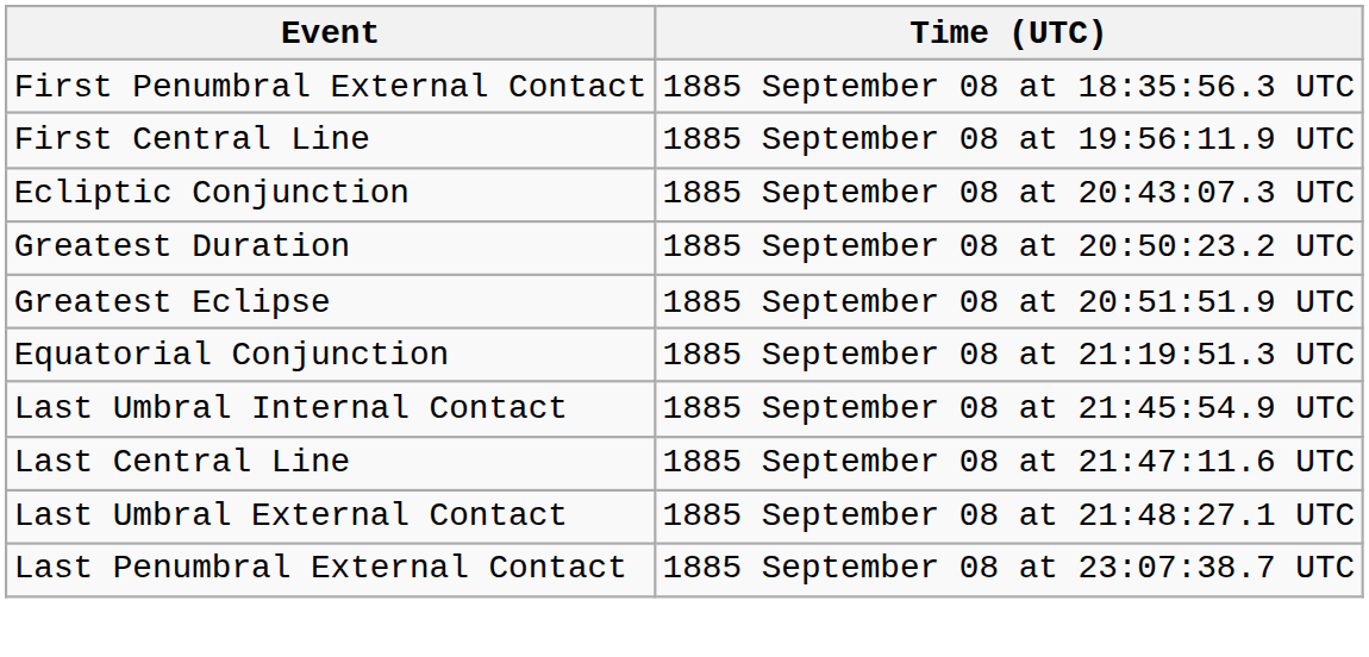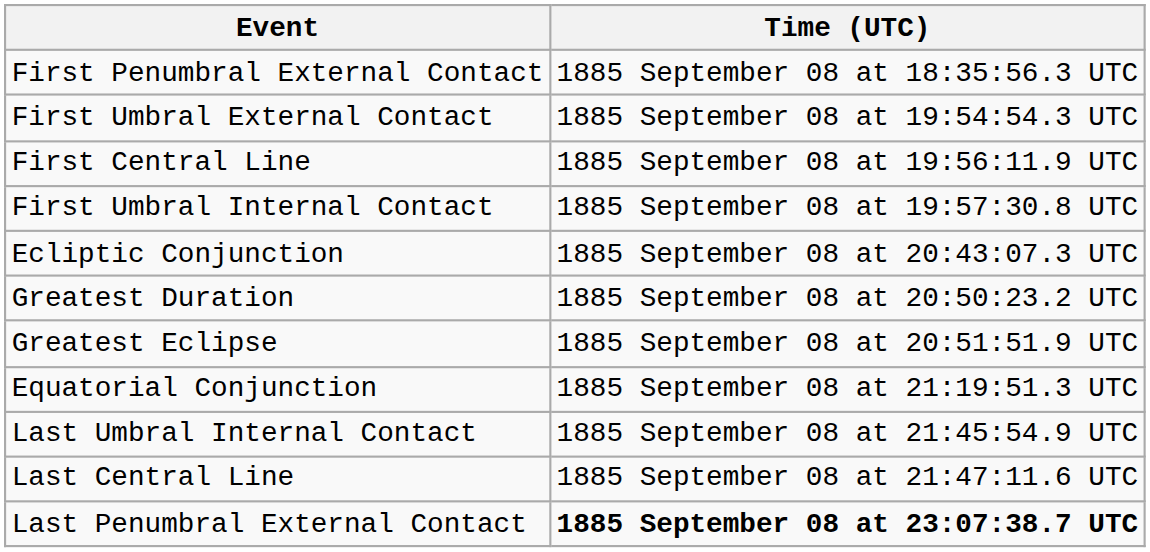 <table class="wikitable">
 <tr>
 <th>Event</th>
 <th>Time (UTC)</th>
 </tr>
 <tr>
 <td>First Penumbral External Contact</td>
 <td>1885 September 08 at 18:35:56.3 UTC</td>
 </tr>
 <tr>
+<td>First Umbral External Contact</td>
+<td>1885 September 08 at 19:54:54.3 UTC</td>
+</tr>
+<tr>
 <td>First Central Line</td>
 <td>1885 September 08 at 19:56:11.9 UTC</td>
+</tr>
+<tr>
+<td>First Umbral Internal Contact</td>
+<td>1885 September 08 at 19:57:30.8 UTC</td>
 </tr>
 <tr>
 <td>Ecliptic Conjunction</td>
 <td>1885 September 08 at 20:43:07.3 UTC</td>
 </tr>
 <tr>
 <td>Greatest Duration</td>
 <td>1885 September 08 at 20:50:23.2 UTC</td>
 </tr>
 <tr>
 <td>Greatest Eclipse</td>
 <td>1885 September 08 at 20:51:51.9 UTC</td>
 </tr>
 <tr>
 <td>Equatorial Conjunction</td>
 <td>1885 September 08 at 21:19:51.3 UTC</td>
 </tr>
 <tr>
 <td>Last Umbral Internal Contact</td>
 <td>1885 September 08 at 21:45:54.9 UTC</td>
 </tr>
 <tr>
 <td>Last Central Line</td>
 <td>1885 September 08 at 21:47:11.6 UTC</td>
 </tr>
 <tr>
-<td>Last Umbral External Contact</td>
-<td>1885 September 08 at 21:48:27.1 UTC</td>
-</tr>
-<tr>
 <td>Last Penumbral External Contact</td>
-<td>1885 September 08 at 23:07:38.7 UTC</td>
+<td><strong>1885 September 08 at 23:07:38.7 UTC</strong></td>
 </tr>
 </table>
